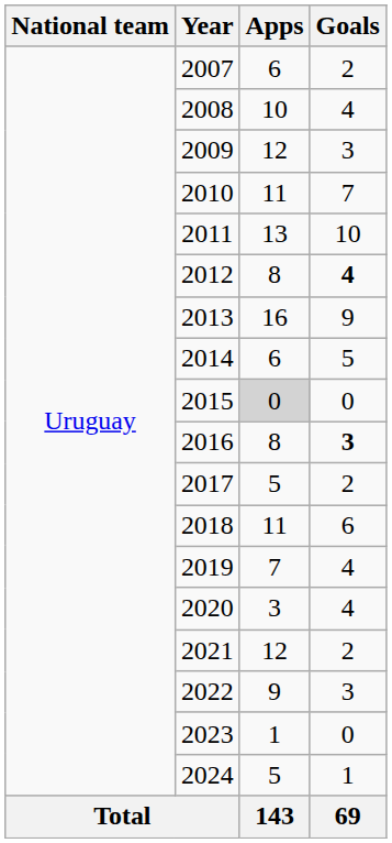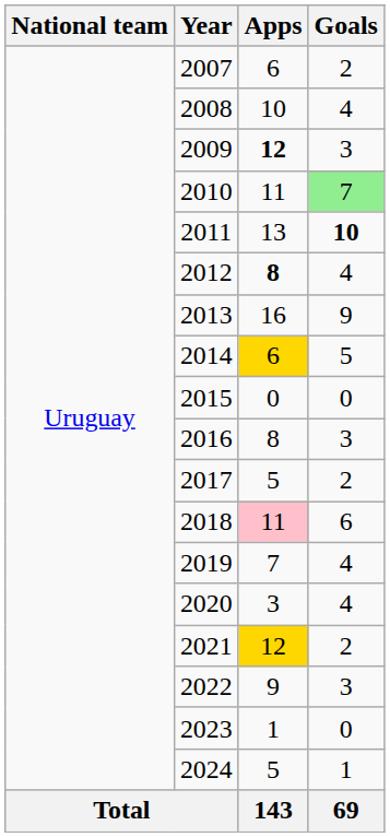 <table class="wikitable" style="text-align:center">
 <tr>
 <th>National team</th>
 <th>Year</th>
 <th>Apps</th>
 <th>Goals</th>
 </tr>
 <tr>
 <td rowspan=18><a href='#'>Uruguay</a></td>
 <td>2007</td>
 <td>6</td>
 <td>2</td>
 </tr>
 <tr>
 <td>2008</td>
 <td>10</td>
 <td>4</td>
 </tr>
 <tr>
 <td>2009</td>
-<td>12</td>
+<td><strong>12</strong></td>
 <td>3</td>
 </tr>
 <tr>
 <td>2010</td>
 <td>11</td>
-<td>7</td>
+<td style="background: lightgreen;">7</td>
 </tr>
 <tr>
 <td>2011</td>
 <td>13</td>
-<td>10</td>
+<td><strong>10</strong></td>
 </tr>
 <tr>
 <td>2012</td>
-<td>8</td>
-<td><strong>4</strong></td>
+<td><strong>8</strong></td>
+<td>4</td>
 </tr>
 <tr>
 <td>2013</td>
 <td>16</td>
 <td>9</td>
 </tr>
 <tr>
 <td>2014</td>
-<td>6</td>
+<td style="background: gold;">6</td>
 <td>5</td>
 </tr>
 <tr>
 <td>2015</td>
-<td style="background: lightgrey;">0</td>
+<td>0</td>
 <td>0</td>
 </tr>
 <tr>
 <td>2016</td>
 <td>8</td>
-<td><strong>3</strong></td>
+<td>3</td>
 </tr>
 <tr>
 <td>2017</td>
 <td>5</td>
 <td>2</td>
 </tr>
 <tr>
 <td>2018</td>
-<td>11</td>
+<td style="background: pink;">11</td>
 <td>6</td>
 </tr>
 <tr>
 <td>2019</td>
 <td>7</td>
 <td>4</td>
 </tr>
 <tr>
 <td>2020</td>
 <td>3</td>
 <td>4</td>
 </tr>
 <tr>
 <td>2021</td>
-<td>12</td>
+<td style="background: gold;">12</td>
 <td>2</td>
 </tr>
 <tr>
 <td>2022</td>
 <td>9</td>
 <td>3</td>
 </tr>
 <tr>
 <td>2023</td>
 <td>1</td>
 <td>0</td>
 </tr>
 <tr>
 <td>2024</td>
 <td>5</td>
 <td>1</td>
 </tr>
 <tr>
 <th colspan=2>Total</th>
 <th>143</th>
 <th>69</th>
 </tr>
 </table>
